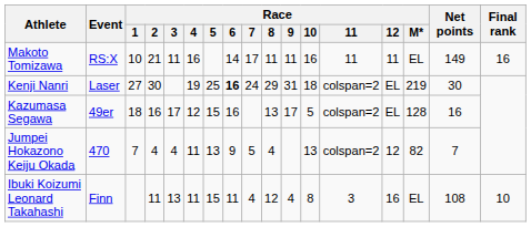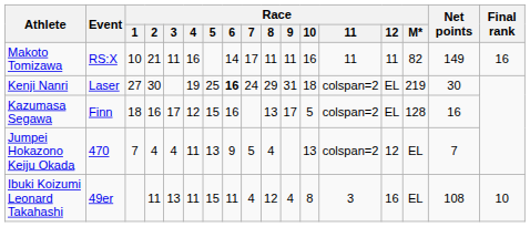 <table class="wikitable" style="font-size:90%">
 <tr>
 <th rowspan="2">Athlete</th>
 <th rowspan="2">Event</th>
 <th colspan=13>Race</th>
 <th rowspan=2>Net points</th>
 <th rowspan=2>Final rank</th>
 </tr>
 <tr style="font-size:95%">
 <th>1</th>
 <th>2</th>
 <th>3</th>
 <th>4</th>
 <th>5</th>
 <th>6</th>
 <th>7</th>
 <th>8</th>
 <th>9</th>
 <th>10</th>
 <th>11</th>
 <th>12</th>
 <th>M*</th>
 </tr>
 <tr align=center>
 <td align=left><a href='#'>Makoto Tomizawa</a></td>
 <td align=left><a href='#'>RS:X</a></td>
 <td>10</td>
 <td>21</td>
 <td>11</td>
 <td>16</td>
 <td></td>
 <td>14</td>
 <td>17</td>
 <td>11</td>
 <td>11</td>
 <td>16</td>
 <td>11</td>
 <td>11</td>
-<td>EL</td>
+<td>82</td>
 <td>149</td>
 <td>16</td>
 </tr>
 <tr align=center>
 <td align=left><a href='#'>Kenji Nanri</a></td>
 <td align=left><a href='#'>Laser</a></td>
 <td>27</td>
 <td>30</td>
 <td></td>
 <td>19</td>
 <td>25</td>
 <td><strong>16</strong></td>
 <td>24</td>
 <td>29</td>
 <td>31</td>
 <td>18</td>
 <td>colspan=2 </td>
 <td>EL</td>
 <td>219</td>
 <td>30</td>
 </tr>
 <tr align=center>
 <td align=left><a href='#'>Kazumasa Segawa</a></td>
-<td align=left><a href='#'>49er</a></td>
+<td align=left><a href='#'>Finn</a></td>
 <td>18</td>
 <td>16</td>
 <td>17</td>
 <td>12</td>
 <td>15</td>
 <td>16</td>
 <td></td>
 <td>13</td>
 <td>17</td>
 <td>5</td>
 <td>colspan=2 </td>
 <td>EL</td>
 <td>128</td>
 <td>16</td>
 </tr>
 <tr align=center>
 <td align=left><a href='#'>Jumpei Hokazono</a><br><a href='#'>Keiju Okada</a></td>
 <td align=left><a href='#'>470</a></td>
 <td>7</td>
 <td>4</td>
 <td>4</td>
 <td>11</td>
 <td>13</td>
 <td>9</td>
 <td>5</td>
 <td>4</td>
 <td></td>
 <td>13</td>
 <td>colspan=2 </td>
 <td>12</td>
-<td>82</td>
+<td>EL</td>
 <td>7</td>
 </tr>
 <tr align=center>
 <td align=left><a href='#'>Ibuki Koizumi</a><br><a href='#'>Leonard Takahashi</a></td>
-<td align=left><a href='#'>Finn</a></td>
+<td align=left><a href='#'>49er</a></td>
 <td></td>
 <td>11</td>
 <td>13</td>
 <td>11</td>
 <td>15</td>
 <td>11</td>
 <td>4</td>
 <td>12</td>
 <td>4</td>
 <td>8</td>
 <td>3</td>
 <td>16</td>
 <td>EL</td>
 <td>108</td>
 <td>10</td>
 </tr>
 </table>
